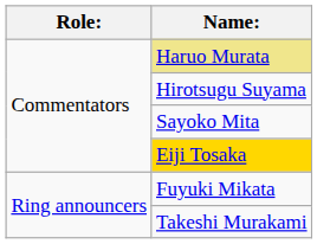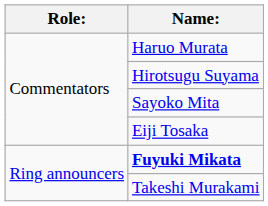 <table class=wikitable style="font-size:90%; margin: 0.5em 0 0.5em 1em; float: right; clear: right;">
 <tr>
 <th>Role:</th>
 <th>Name:</th>
 </tr>
 <tr>
 <td rowspan=4>Commentators</td>
-<td style="background: khaki;"><a href='#'>Haruo Murata</a></td>
+<td><a href='#'>Haruo Murata</a></td>
 </tr>
 <tr>
 <td><a href='#'>Hirotsugu Suyama</a></td>
 </tr>
 <tr>
 <td><a href='#'>Sayoko Mita</a></td>
 </tr>
 <tr>
-<td style="background: gold;"><a href='#'>Eiji Tosaka</a> </td>
+<td><a href='#'>Eiji Tosaka</a> </td>
 </tr>
 <tr>
 <td rowspan=2><a href='#'>Ring announcers</a></td>
-<td><a href='#'>Fuyuki Mikata</a></td>
+<td><strong><a href='#'>Fuyuki Mikata</a></strong></td>
 </tr>
 <tr>
 <td><a href='#'>Takeshi Murakami</a></td>
 </tr>
 </table>
